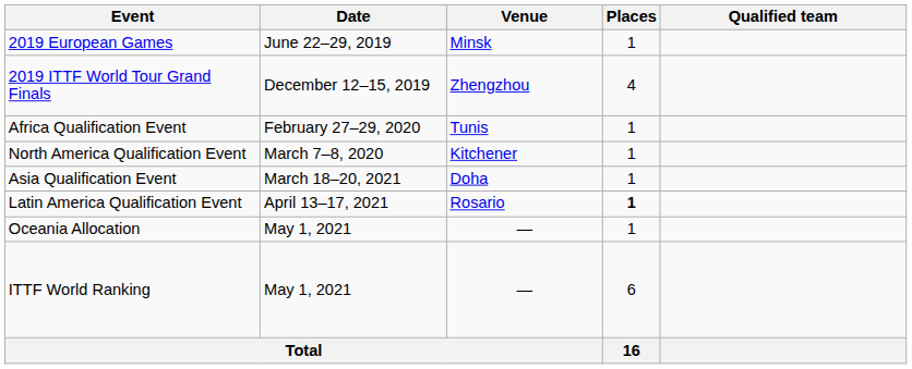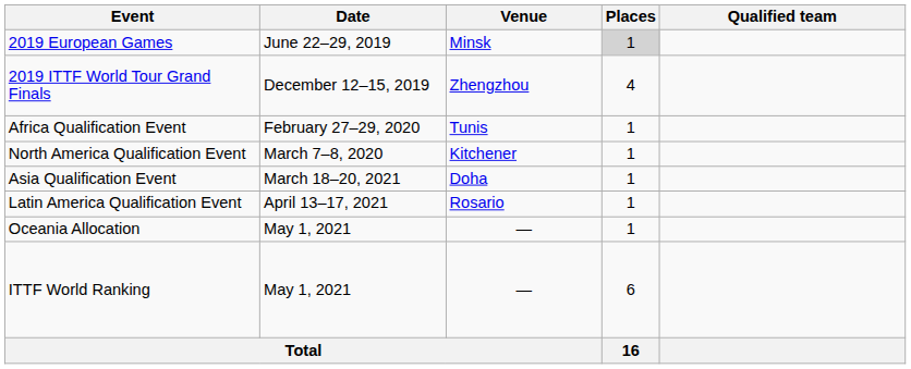 <table class="wikitable" style="text-align:left; font-size:100%">
 <tr>
 <th width=250>Event</th>
 <th width=180>Date</th>
 <th width=150>Venue</th>
 <th width=50>Places</th>
 <th width=240>Qualified team</th>
 </tr>
 <tr>
 <td><a href='#'>2019 European Games</a></td>
 <td>June 22–29, 2019</td>
 <td> <a href='#'>Minsk</a></td>
-<td align=center>1</td>
+<td align=center style="background: lightgrey;">1</td>
 <td></td>
 </tr>
 <tr>
 <td><a href='#'>2019 ITTF World Tour Grand Finals</a></td>
 <td>December 12–15, 2019</td>
 <td> <a href='#'>Zhengzhou</a></td>
 <td align=center>4</td>
 <td><br><br><br></td>
 </tr>
 <tr>
 <td>Africa Qualification Event</td>
 <td>February 27–29, 2020</td>
 <td> <a href='#'>Tunis</a></td>
 <td align=center>1</td>
 <td></td>
 </tr>
 <tr>
 <td>North America Qualification Event</td>
 <td>March 7–8, 2020</td>
 <td> <a href='#'>Kitchener</a></td>
 <td align=center>1</td>
 <td></td>
 </tr>
 <tr>
 <td>Asia Qualification Event</td>
 <td>March 18–20, 2021</td>
 <td> <a href='#'>Doha</a></td>
 <td align=center>1</td>
 <td></td>
 </tr>
 <tr>
 <td>Latin America Qualification Event</td>
 <td>April 13–17, 2021</td>
 <td> <a href='#'>Rosario</a></td>
-<td align=center><strong>1</strong></td>
+<td align=center>1</td>
 <td></td>
 </tr>
 <tr>
 <td>Oceania Allocation</td>
 <td>May 1, 2021</td>
 <td align=center>—</td>
 <td align=center>1</td>
 <td></td>
 </tr>
 <tr>
 <td>ITTF World Ranking</td>
 <td>May 1, 2021</td>
 <td align=center>—</td>
 <td align=center>6</td>
 <td><br><br><br><br><br></td>
 </tr>
 <tr>
 <th colspan=3>Total</th>
 <th>16</th>
 <th></th>
 </tr>
 </table>
